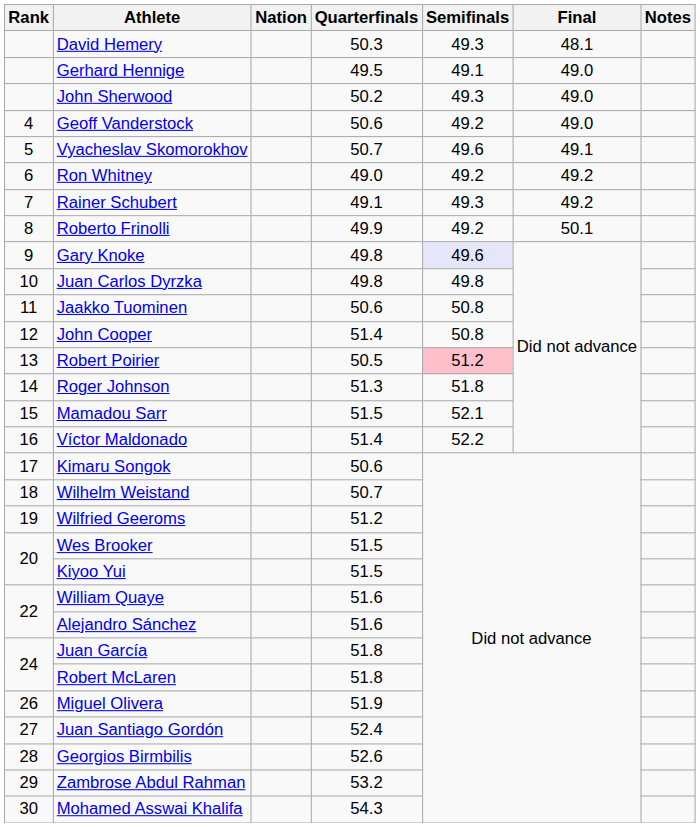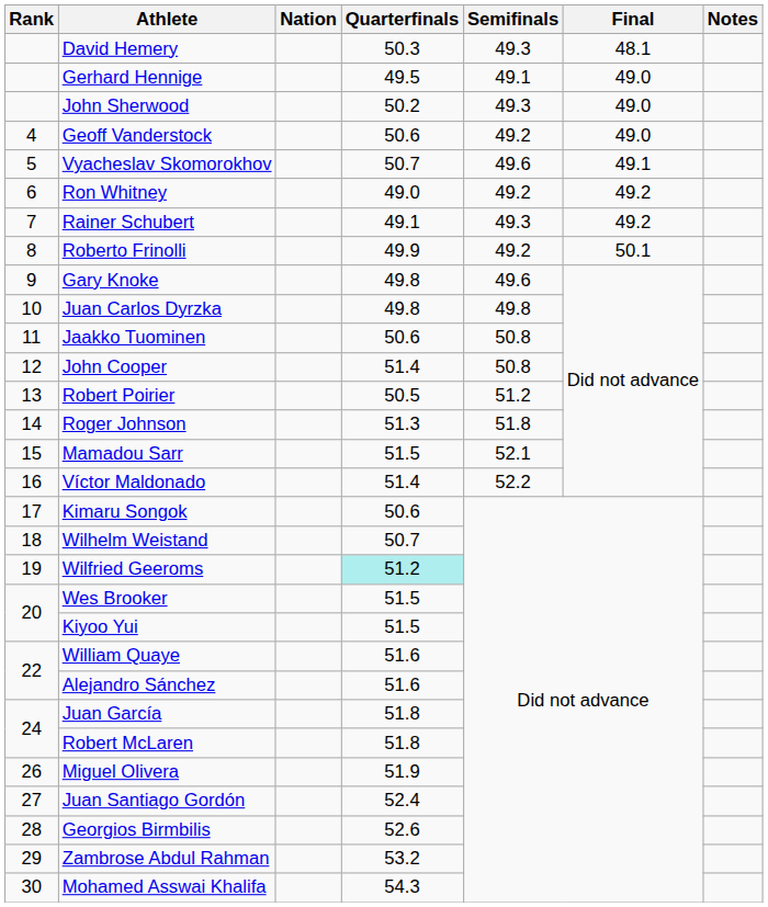 <table class="wikitable sortable" style="text-align:center">
 <tr>
 <th>Rank</th>
 <th>Athlete</th>
 <th>Nation</th>
 <th>Quarterfinals</th>
 <th>Semifinals</th>
 <th>Final</th>
 <th>Notes</th>
 </tr>
 <tr>
 <td></td>
 <td align="left"><a href='#'>David Hemery</a></td>
 <td align="left"></td>
 <td>50.3</td>
 <td>49.3</td>
 <td>48.1</td>
 <td></td>
 </tr>
 <tr>
 <td></td>
 <td align="left"><a href='#'>Gerhard Hennige</a></td>
 <td align="left"></td>
 <td>49.5</td>
 <td>49.1</td>
 <td>49.0</td>
 <td></td>
 </tr>
 <tr>
 <td></td>
 <td align="left"><a href='#'>John Sherwood</a></td>
 <td align="left"></td>
 <td>50.2</td>
 <td>49.3</td>
 <td>49.0</td>
 <td></td>
 </tr>
 <tr>
 <td>4</td>
 <td align="left"><a href='#'>Geoff Vanderstock</a></td>
 <td align="left"></td>
 <td>50.6</td>
 <td>49.2</td>
 <td>49.0</td>
 <td></td>
 </tr>
 <tr>
 <td>5</td>
 <td align="left"><a href='#'>Vyacheslav Skomorokhov</a></td>
 <td align="left"></td>
 <td>50.7</td>
 <td>49.6</td>
 <td>49.1</td>
 <td></td>
 </tr>
 <tr>
 <td>6</td>
 <td align="left"><a href='#'>Ron Whitney</a></td>
 <td align="left"></td>
 <td>49.0</td>
 <td>49.2</td>
 <td>49.2</td>
 <td></td>
 </tr>
 <tr>
 <td>7</td>
 <td align="left"><a href='#'>Rainer Schubert</a></td>
 <td align="left"></td>
 <td>49.1</td>
 <td>49.3</td>
 <td>49.2</td>
 <td></td>
 </tr>
 <tr>
 <td>8</td>
 <td align="left"><a href='#'>Roberto Frinolli</a></td>
 <td align="left"></td>
 <td>49.9</td>
 <td>49.2</td>
 <td>50.1</td>
 <td></td>
 </tr>
 <tr>
 <td>9</td>
 <td align="left"><a href='#'>Gary Knoke</a></td>
 <td align="left"></td>
 <td>49.8</td>
-<td style="background: lavender;">49.6</td>
+<td>49.6</td>
 <td rowspan=8 data-sort-value=99.9>Did not advance</td>
 <td></td>
 </tr>
 <tr>
 <td>10</td>
 <td align="left"><a href='#'>Juan Carlos Dyrzka</a></td>
 <td align="left"></td>
 <td>49.8</td>
 <td>49.8</td>
 <td></td>
 </tr>
 <tr>
 <td>11</td>
 <td align="left"><a href='#'>Jaakko Tuominen</a></td>
 <td align="left"></td>
 <td>50.6</td>
 <td>50.8</td>
 <td></td>
 </tr>
 <tr>
 <td>12</td>
 <td align="left"><a href='#'>John Cooper</a></td>
 <td align="left"></td>
 <td>51.4</td>
 <td>50.8</td>
 <td></td>
 </tr>
 <tr>
 <td>13</td>
 <td align="left"><a href='#'>Robert Poirier</a></td>
 <td align="left"></td>
 <td>50.5</td>
-<td style="background: pink;">51.2</td>
+<td>51.2</td>
 <td></td>
 </tr>
 <tr>
 <td>14</td>
 <td align="left"><a href='#'>Roger Johnson</a></td>
 <td align="left"></td>
 <td>51.3</td>
 <td>51.8</td>
 <td></td>
 </tr>
 <tr>
 <td>15</td>
 <td align="left"><a href='#'>Mamadou Sarr</a></td>
 <td align="left"></td>
 <td>51.5</td>
 <td>52.1</td>
 <td></td>
 </tr>
 <tr>
 <td>16</td>
 <td align="left"><a href='#'>Víctor Maldonado</a></td>
 <td align="left"></td>
 <td>51.4</td>
 <td>52.2</td>
 <td></td>
 </tr>
 <tr>
 <td>17</td>
 <td align="left"><a href='#'>Kimaru Songok</a></td>
 <td align="left"></td>
 <td>50.6</td>
 <td rowspan=14 colspan=2 data-sort-value=99.9>Did not advance</td>
 <td></td>
 </tr>
 <tr>
 <td>18</td>
 <td align="left"><a href='#'>Wilhelm Weistand</a></td>
 <td align="left"></td>
 <td>50.7</td>
 <td></td>
 </tr>
 <tr>
 <td>19</td>
 <td align="left"><a href='#'>Wilfried Geeroms</a></td>
 <td align="left"></td>
-<td>51.2</td>
+<td style="background: paleturquoise;">51.2</td>
 <td></td>
 </tr>
 <tr>
 <td rowspan=2>20</td>
 <td align="left"><a href='#'>Wes Brooker</a></td>
 <td align="left"></td>
 <td>51.5</td>
 <td></td>
 </tr>
 <tr>
 <td align="left"><a href='#'>Kiyoo Yui</a></td>
 <td align="left"></td>
 <td>51.5</td>
 <td></td>
 </tr>
 <tr>
 <td rowspan=2>22</td>
 <td align="left"><a href='#'>William Quaye</a></td>
 <td align="left"></td>
 <td>51.6</td>
 <td></td>
 </tr>
 <tr>
 <td align="left"><a href='#'>Alejandro Sánchez</a></td>
 <td align="left"></td>
 <td>51.6</td>
 <td></td>
 </tr>
 <tr>
 <td rowspan=2>24</td>
 <td align="left"><a href='#'>Juan García</a></td>
 <td align="left"></td>
 <td>51.8</td>
 <td></td>
 </tr>
 <tr>
 <td align="left"><a href='#'>Robert McLaren</a></td>
 <td align="left"></td>
 <td>51.8</td>
 <td></td>
 </tr>
 <tr>
 <td>26</td>
 <td align="left"><a href='#'>Miguel Olivera</a></td>
 <td align="left"></td>
 <td>51.9</td>
 <td></td>
 </tr>
 <tr>
 <td>27</td>
 <td align="left"><a href='#'>Juan Santiago Gordón</a></td>
 <td align="left"></td>
 <td>52.4</td>
 <td></td>
 </tr>
 <tr>
 <td>28</td>
 <td align="left"><a href='#'>Georgios Birmbilis</a></td>
 <td align="left"></td>
 <td>52.6</td>
 <td></td>
 </tr>
 <tr>
 <td>29</td>
 <td align="left"><a href='#'>Zambrose Abdul Rahman</a></td>
 <td align="left"></td>
 <td>53.2</td>
 <td></td>
 </tr>
 <tr>
 <td>30</td>
 <td align="left"><a href='#'>Mohamed Asswai Khalifa</a></td>
 <td align="left"></td>
 <td>54.3</td>
 <td></td>
 </tr>
 </table>
